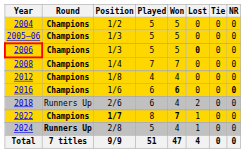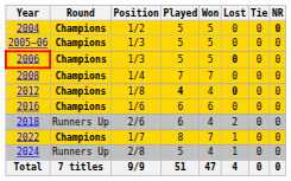 <table class="wikitable" style="text-align: center; width=900px;">
 <tr>
 <th>Year</th>
 <th>Round</th>
 <th>Position</th>
 <th>Played</th>
 <th>Won</th>
 <th>Lost</th>
 <th>Tie</th>
 <th>NR</th>
 </tr>
 <tr bgcolor=gold>
 <td> <a href='#'>2004</a></td>
 <td><strong>Champions</strong></td>
 <td>1/2</td>
 <td>5</td>
 <td>5</td>
 <td>0</td>
 <td>0</td>
-<td>0</td>
+<td><strong>0</strong></td>
 </tr>
 <tr bgcolor=gold>
 <td> <a href='#'>2005–06</a></td>
 <td><strong>Champions</strong></td>
 <td>1/3</td>
 <td>5</td>
 <td>5</td>
 <td>0</td>
 <td>0</td>
 <td>0</td>
 </tr>
 <tr>
 </tr>
 <tr bgcolor=gold>
 <td style="border: 3px solid red"> <a href='#'>2006</a></td>
 <td><strong>Champions</strong></td>
 <td>1/3</td>
 <td>5</td>
 <td>5</td>
 <td><strong>0</strong></td>
 <td>0</td>
 <td>0</td>
 </tr>
 <tr bgcolor=gold>
 <td> <a href='#'>2008</a></td>
 <td><strong>Champions</strong></td>
 <td>1/4</td>
 <td>7</td>
 <td>7</td>
 <td>0</td>
 <td>0</td>
 <td>0</td>
 </tr>
 <tr>
 </tr>
 <tr bgcolor=gold>
 <td> <a href='#'>2012</a></td>
 <td><strong>Champions</strong></td>
 <td>1/8</td>
+<td><strong>4</strong></td>
 <td>4</td>
-<td>4</td>
-<td>0</td>
+<td><strong>0</strong></td>
 <td>0</td>
 <td>0</td>
 </tr>
 <tr bgcolor=gold>
 <td> <a href='#'>2016</a></td>
 <td><strong>Champions</strong></td>
 <td>1/6</td>
 <td>6</td>
-<td><strong>6</strong></td>
+<td>6</td>
 <td>0</td>
 <td>0</td>
-<td><strong>0</strong></td>
+<td>0</td>
 </tr>
 <tr>
 </tr>
 <tr bgcolor=silver>
 <td> <a href='#'>2018</a></td>
 <td>Runners Up</td>
 <td>2/6</td>
 <td>6</td>
 <td>4</td>
 <td>2</td>
 <td>0</td>
 <td>0</td>
 </tr>
 <tr>
 </tr>
 <tr bgcolor=gold>
 <td> <a href='#'>2022</a></td>
 <td><strong>Champions</strong></td>
-<td><strong>1/7</strong></td>
+<td>1/7</td>
 <td>8</td>
-<td><strong>7</strong></td>
+<td>7</td>
 <td>1</td>
 <td>0</td>
 <td>0</td>
 </tr>
 <tr>
 </tr>
 <tr bgcolor=silver>
 <td> <a href='#'>2024</a></td>
-<td><strong>Runners Up</strong></td>
+<td>Runners Up</td>
 <td>2/8</td>
 <td>5</td>
 <td>4</td>
 <td>1</td>
 <td>0</td>
 <td>0</td>
 </tr>
 <tr>
 <th>Total</th>
 <th>7 titles</th>
 <th>9/9</th>
 <th>51</th>
 <th>47</th>
 <th>4</th>
 <th>0</th>
 <th>0</th>
 </tr>
 </table>
